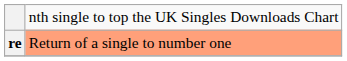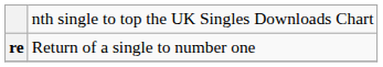 <table class="wikitable plainrowheaders" style="font-size:90%;">
 <tr>
 <th scope=col></th>
 <td>nth single to top the UK Singles Downloads Chart</td>
 </tr>
 <tr>
 <th scope=row style="text-align:center;">re</th>
-<td style="background: lightsalmon;">Return of a single to number one</td>
+<td>Return of a single to number one</td>
 </tr>
 <tr>
 </tr>
 </table>
